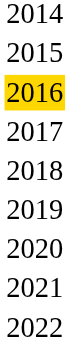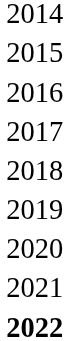 <table>
 <tr>
 <td>2014</td>
 <td></td>
 <td></td>
 <td></td>
 </tr>
 <tr>
 <td>2015</td>
 <td></td>
 <td></td>
 <td></td>
 </tr>
 <tr>
-<td style="background: gold;">2016</td>
+<td>2016</td>
 <td></td>
 <td></td>
 <td></td>
 </tr>
 <tr>
 <td>2017</td>
 <td></td>
 <td></td>
 <td></td>
 </tr>
 <tr>
 <td>2018</td>
 <td></td>
 <td></td>
 <td></td>
 </tr>
 <tr>
 <td>2019</td>
 <td></td>
 <td></td>
 <td></td>
 </tr>
 <tr>
 <td>2020</td>
 <td></td>
 <td></td>
 <td></td>
 </tr>
 <tr>
 <td>2021</td>
 <td></td>
 <td></td>
 <td></td>
 </tr>
 <tr>
-<td>2022</td>
+<td><strong>2022</strong></td>
 <td></td>
 <td></td>
 <td></td>
 </tr>
 </table>
